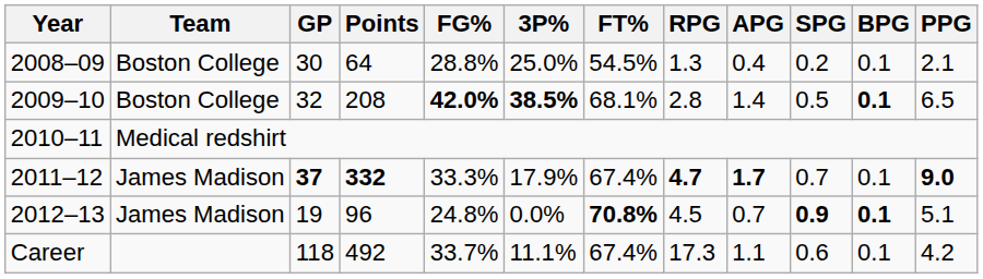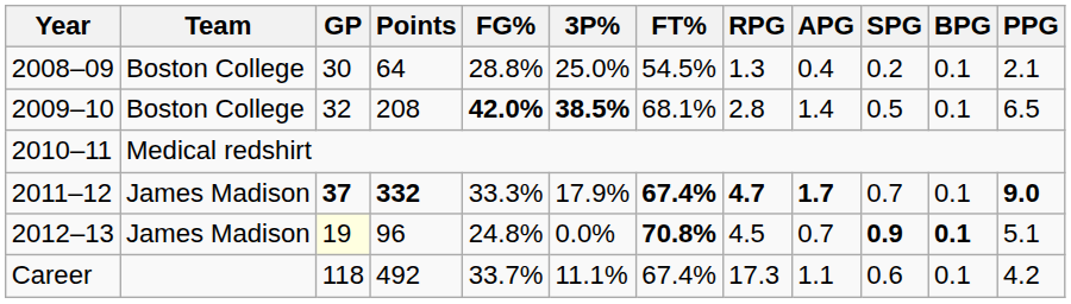 <table class="wikitable">
 <tr>
 <th>Year</th>
 <th>Team</th>
 <th>GP</th>
 <th>Points</th>
 <th>FG%</th>
 <th>3P%</th>
 <th>FT%</th>
 <th>RPG</th>
 <th>APG</th>
 <th>SPG</th>
 <th>BPG</th>
 <th>PPG</th>
 </tr>
 <tr>
 <td>2008–09</td>
 <td>Boston College</td>
 <td>30</td>
 <td>64</td>
 <td>28.8%</td>
 <td>25.0%</td>
 <td>54.5%</td>
 <td>1.3</td>
 <td>0.4</td>
 <td>0.2</td>
 <td>0.1</td>
 <td>2.1</td>
 </tr>
 <tr>
 <td>2009–10</td>
 <td>Boston College</td>
 <td>32</td>
 <td>208</td>
 <td><strong>42.0%</strong></td>
 <td><strong>38.5%</strong></td>
 <td>68.1%</td>
 <td>2.8</td>
 <td>1.4</td>
 <td>0.5</td>
-<td><strong>0.1</strong></td>
+<td>0.1</td>
 <td>6.5</td>
 </tr>
 <tr>
 <td>2010–11</td>
 <td colspan="11">Medical redshirt</td>
 </tr>
 <tr>
 <td>2011–12</td>
 <td>James Madison</td>
 <td><strong>37</strong></td>
 <td><strong>332</strong></td>
 <td>33.3%</td>
 <td>17.9%</td>
-<td>67.4%</td>
+<td><strong>67.4%</strong></td>
 <td><strong>4.7</strong></td>
 <td><strong>1.7</strong></td>
 <td>0.7</td>
 <td>0.1</td>
 <td><strong>9.0</strong></td>
 </tr>
 <tr>
 <td>2012–13</td>
 <td>James Madison</td>
-<td>19</td>
+<td style="background: lightyellow;">19</td>
 <td>96</td>
 <td>24.8%</td>
 <td>0.0%</td>
 <td><strong>70.8%</strong></td>
 <td>4.5</td>
 <td>0.7</td>
 <td><strong>0.9</strong></td>
 <td><strong>0.1</strong></td>
 <td>5.1</td>
 </tr>
 <tr>
 <td>Career</td>
 <td></td>
 <td>118</td>
 <td>492</td>
 <td>33.7%</td>
 <td>11.1%</td>
 <td>67.4%</td>
 <td>17.3</td>
 <td>1.1</td>
 <td>0.6</td>
 <td>0.1</td>
 <td>4.2</td>
 </tr>
 </table>
